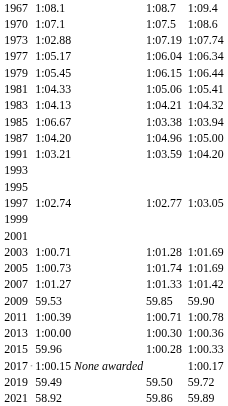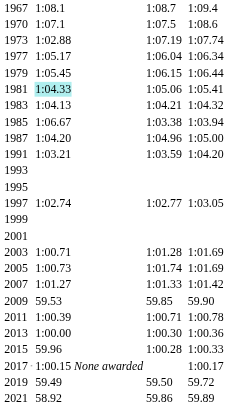 <table>
 <tr>
 <td>1967</td>
 <td></td>
 <td>1:08.1</td>
 <td></td>
 <td>1:08.7</td>
 <td></td>
 <td>1:09.4</td>
 </tr>
 <tr>
 <td>1970</td>
 <td></td>
 <td>1:07.1</td>
 <td></td>
 <td>1:07.5</td>
 <td></td>
 <td>1:08.6</td>
 </tr>
 <tr>
 <td>1973</td>
 <td></td>
 <td>1:02.88</td>
 <td></td>
 <td>1:07.19</td>
 <td></td>
 <td>1:07.74</td>
 </tr>
 <tr>
 <td>1977</td>
 <td></td>
 <td>1:05.17</td>
 <td></td>
 <td>1:06.04</td>
 <td></td>
 <td>1:06.34</td>
 </tr>
 <tr>
 <td>1979</td>
 <td></td>
 <td>1:05.45</td>
 <td></td>
 <td>1:06.15</td>
 <td></td>
 <td>1:06.44</td>
 </tr>
 <tr>
 <td>1981</td>
 <td></td>
-<td>1:04.33</td>
+<td style="background: paleturquoise;">1:04.33</td>
 <td></td>
 <td>1:05.06</td>
 <td></td>
 <td>1:05.41</td>
 </tr>
 <tr>
 <td>1983</td>
 <td></td>
 <td>1:04.13</td>
 <td></td>
 <td>1:04.21</td>
 <td></td>
 <td>1:04.32</td>
 </tr>
 <tr>
 <td>1985</td>
 <td></td>
 <td>1:06.67</td>
 <td></td>
 <td>1:03.38</td>
 <td></td>
 <td>1:03.94</td>
 </tr>
 <tr>
 <td>1987</td>
 <td></td>
 <td>1:04.20</td>
 <td></td>
 <td>1:04.96</td>
 <td></td>
 <td>1:05.00</td>
 </tr>
 <tr>
 <td>1991</td>
 <td></td>
 <td>1:03.21</td>
 <td></td>
 <td>1:03.59</td>
 <td></td>
 <td>1:04.20</td>
 </tr>
 <tr>
 <td>1993</td>
 <td></td>
 <td></td>
 <td></td>
 <td></td>
 <td></td>
 <td></td>
 </tr>
 <tr>
 <td>1995</td>
 <td></td>
 <td></td>
 <td></td>
 <td></td>
 <td></td>
 <td></td>
 </tr>
 <tr>
 <td>1997</td>
 <td></td>
 <td>1:02.74</td>
 <td></td>
 <td>1:02.77</td>
 <td></td>
 <td>1:03.05</td>
 </tr>
 <tr>
 <td>1999</td>
 <td></td>
 <td></td>
 <td></td>
 <td></td>
 <td></td>
 <td></td>
 </tr>
 <tr>
 <td>2001</td>
 <td></td>
 <td></td>
 <td></td>
 <td></td>
 <td></td>
 <td></td>
 </tr>
 <tr>
 <td>2003</td>
 <td></td>
 <td>1:00.71</td>
 <td></td>
 <td>1:01.28</td>
 <td></td>
 <td>1:01.69</td>
 </tr>
 <tr>
 <td>2005</td>
 <td></td>
 <td>1:00.73</td>
 <td></td>
 <td>1:01.74</td>
 <td></td>
 <td>1:01.69</td>
 </tr>
 <tr>
 <td>2007</td>
 <td></td>
 <td>1:01.27</td>
 <td></td>
 <td>1:01.33</td>
 <td></td>
 <td>1:01.42</td>
 </tr>
 <tr>
 <td>2009</td>
 <td></td>
 <td>59.53</td>
 <td></td>
 <td>59.85</td>
 <td></td>
 <td>59.90</td>
 </tr>
 <tr>
 <td>2011</td>
 <td></td>
 <td>1:00.39</td>
 <td></td>
 <td>1:00.71</td>
 <td></td>
 <td>1:00.78</td>
 </tr>
 <tr>
 <td>2013</td>
 <td></td>
 <td>1:00.00</td>
 <td></td>
 <td>1:00.30</td>
 <td></td>
 <td>1:00.36</td>
 </tr>
 <tr>
 <td>2015</td>
 <td></td>
 <td>59.96</td>
 <td></td>
 <td>1:00.28</td>
 <td></td>
 <td>1:00.33</td>
 </tr>
 <tr>
 <td>2017</td>
 <td><hr></td>
 <td>1:00.15</td>
 <td><em>None awarded</em></td>
 <td></td>
 <td></td>
 <td>1:00.17</td>
 </tr>
 <tr>
 <td>2019</td>
 <td></td>
 <td>59.49</td>
 <td></td>
 <td>59.50</td>
 <td></td>
 <td>59.72</td>
 </tr>
 <tr>
 <td>2021</td>
 <td></td>
 <td>58.92</td>
 <td></td>
 <td>59.86</td>
 <td></td>
 <td>59.89</td>
 </tr>
 </table>
